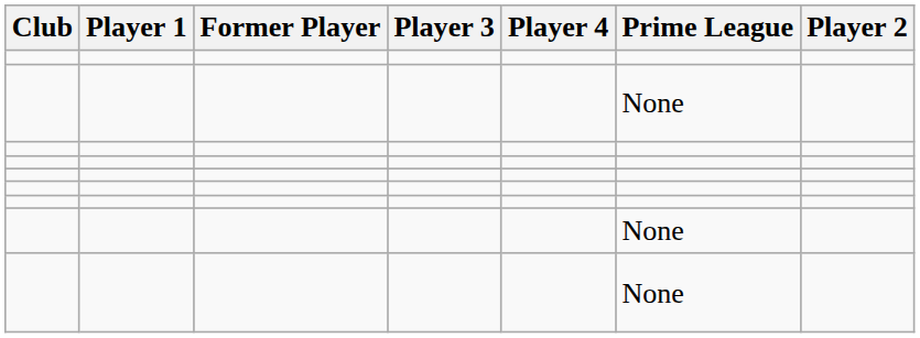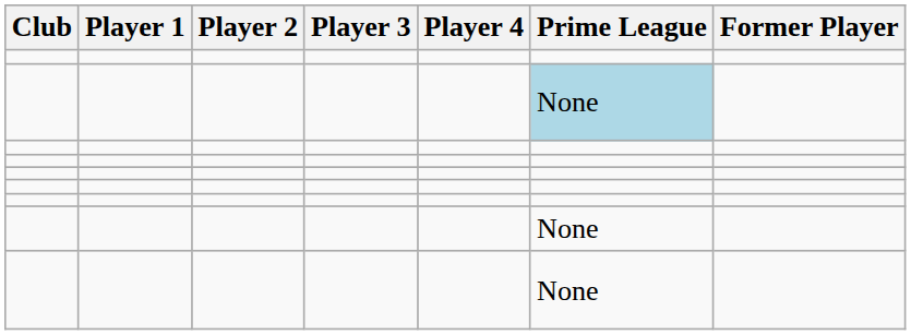 <table class="wikitable">
 <tr>
 <th>Club</th>
 <th>Player 1</th>
-<th>Former Player</th>
+<th>Player 2</th>
 <th>Player 3</th>
 <th>Player 4</th>
 <th>Prime League</th>
-<th>Player 2</th>
+<th>Former Player</th>
 </tr>
 <tr>
 <td></td>
 <td></td>
 <td></td>
 <td></td>
 <td></td>
 <td></td>
 <td></td>
 </tr>
 <tr>
 <td></td>
 <td></td>
-<td><br> <br></td>
 <td></td>
 <td></td>
-<td>None</td>
 <td></td>
+<td style="background: lightblue;">None</td>
+<td><br> <br></td>
 </tr>
 <tr>
 <td></td>
 <td></td>
 <td></td>
 <td></td>
 <td></td>
 <td></td>
 <td></td>
 </tr>
 <tr>
 <td></td>
 <td></td>
 <td></td>
 <td></td>
 <td></td>
 <td></td>
 <td></td>
 </tr>
 <tr>
 <td></td>
 <td></td>
 <td></td>
 <td></td>
 <td></td>
 <td></td>
 <td></td>
 </tr>
 <tr>
 <td></td>
 <td></td>
 <td></td>
 <td></td>
 <td></td>
 <td></td>
 <td></td>
 </tr>
 <tr>
 <td></td>
 <td></td>
 <td></td>
 <td></td>
 <td></td>
 <td></td>
 <td></td>
 </tr>
 <tr>
 <td></td>
 <td></td>
 <td></td>
 <td></td>
 <td></td>
 <td>None</td>
 <td></td>
 </tr>
 <tr>
 <td></td>
 <td></td>
-<td><br> <br> </td>
+<td></td>
 <td></td>
 <td></td>
 <td>None</td>
-<td></td>
+<td><br> <br> </td>
 </tr>
 </table>
